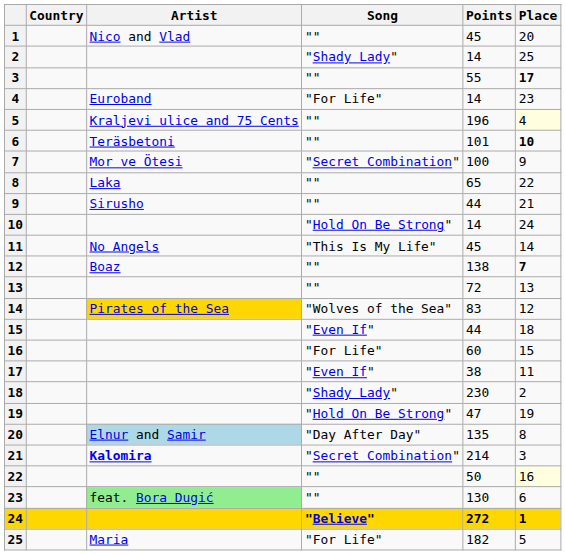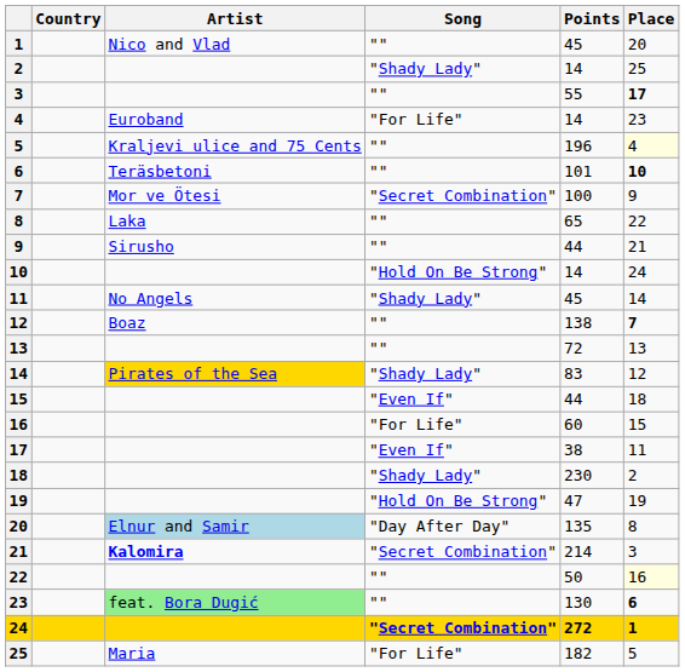 <table class="sortable wikitable plainrowheaders">
 <tr>
 </tr>
 <tr>
 <th scope="col"></th>
 <th scope="col">Country</th>
 <th scope="col">Artist</th>
 <th scope="col">Song</th>
 <th scope="col">Points</th>
 <th scope="col">Place</th>
 </tr>
 <tr>
 <th scope="row" style="text-align:center;">1</th>
 <td></td>
 <td><a href='#'>Nico</a> and <a href='#'>Vlad</a></td>
 <td>""</td>
 <td>45</td>
 <td>20</td>
 </tr>
 <tr>
 <th scope="row" style="text-align:center;">2</th>
 <td></td>
 <td></td>
 <td>"<a href='#'>Shady Lady</a>"</td>
 <td>14</td>
 <td>25</td>
 </tr>
 <tr>
 <th scope="row" style="text-align:center;">3</th>
 <td></td>
 <td></td>
 <td>""</td>
 <td>55</td>
 <td><strong>17</strong></td>
 </tr>
 <tr>
 <th scope="row" style="text-align:center;">4</th>
 <td></td>
 <td><a href='#'>Euroband</a></td>
 <td>"For Life"</td>
 <td>14</td>
 <td>23</td>
 </tr>
 <tr>
 <th scope="row" style="text-align:center;">5</th>
 <td></td>
 <td><a href='#'>Kraljevi ulice and 75 Cents</a></td>
 <td>""</td>
 <td>196</td>
 <td style="background: lightyellow;">4</td>
 </tr>
 <tr>
 <th scope="row" style="text-align:center;">6</th>
 <td></td>
 <td><a href='#'>Teräsbetoni</a></td>
 <td>""</td>
 <td>101</td>
 <td><strong>10</strong></td>
 </tr>
 <tr>
 <th scope="row" style="text-align:center;">7</th>
 <td></td>
 <td><a href='#'>Mor ve Ötesi</a></td>
 <td>"<a href='#'>Secret Combination</a>"</td>
 <td>100</td>
 <td>9</td>
 </tr>
 <tr>
 <th scope="row" style="text-align:center;">8</th>
 <td></td>
 <td><a href='#'>Laka</a></td>
 <td>""</td>
 <td>65</td>
 <td>22</td>
 </tr>
 <tr>
 <th scope="row" style="text-align:center;">9</th>
 <td></td>
 <td><a href='#'>Sirusho</a></td>
 <td>""</td>
 <td>44</td>
 <td>21</td>
 </tr>
 <tr>
 <th scope="row" style="text-align:center;">10</th>
 <td></td>
 <td></td>
 <td>"<a href='#'>Hold On Be Strong</a>"</td>
 <td>14</td>
 <td>24</td>
 </tr>
 <tr>
 <th scope="row" style="text-align:center;">11</th>
 <td></td>
 <td><a href='#'>No Angels</a></td>
-<td>"This Is My Life"</td>
+<td>"<a href='#'>Shady Lady</a>"</td>
 <td>45</td>
 <td>14</td>
 </tr>
 <tr>
 <th scope="row" style="text-align:center;">12</th>
 <td></td>
 <td><a href='#'>Boaz</a></td>
 <td>""</td>
 <td>138</td>
 <td><strong>7</strong></td>
 </tr>
 <tr>
 <th scope="row" style="text-align:center;">13</th>
 <td></td>
 <td></td>
 <td>""</td>
 <td>72</td>
 <td>13</td>
 </tr>
 <tr>
 <th scope="row" style="text-align:center;">14</th>
 <td></td>
 <td style="background: gold;"><a href='#'>Pirates of the Sea</a></td>
-<td>"Wolves of the Sea"</td>
+<td>"<a href='#'>Shady Lady</a>"</td>
 <td>83</td>
 <td>12</td>
 </tr>
 <tr>
 <th scope="row" style="text-align:center;">15</th>
 <td></td>
 <td></td>
 <td>"<a href='#'>Even If</a>"</td>
 <td>44</td>
 <td>18</td>
 </tr>
 <tr>
 <th scope="row" style="text-align:center;">16</th>
 <td></td>
 <td></td>
 <td>"For Life"</td>
 <td>60</td>
 <td>15</td>
 </tr>
 <tr>
 <th scope="row" style="text-align:center;">17</th>
 <td></td>
 <td></td>
 <td>"<a href='#'>Even If</a>"</td>
 <td>38</td>
 <td>11</td>
 </tr>
 <tr>
 <th scope="row" style="text-align:center;">18</th>
 <td></td>
 <td></td>
 <td>"<a href='#'>Shady Lady</a>"</td>
 <td>230</td>
 <td>2</td>
 </tr>
 <tr>
 <th scope="row" style="text-align:center;">19</th>
 <td></td>
 <td></td>
 <td>"<a href='#'>Hold On Be Strong</a>"</td>
 <td>47</td>
 <td>19</td>
 </tr>
 <tr>
 <th scope="row" style="text-align:center;">20</th>
 <td></td>
 <td style="background: lightblue;"><a href='#'>Elnur</a> and <a href='#'>Samir</a></td>
 <td>"Day After Day"</td>
 <td>135</td>
 <td>8</td>
 </tr>
 <tr>
 <th scope="row" style="text-align:center;">21</th>
 <td></td>
 <td><strong><a href='#'>Kalomira</a></strong></td>
 <td>"<a href='#'>Secret Combination</a>"</td>
 <td>214</td>
 <td>3</td>
 </tr>
 <tr>
 <th scope="row" style="text-align:center;">22</th>
 <td></td>
 <td></td>
 <td>""</td>
 <td>50</td>
 <td style="background: lightyellow;">16</td>
 </tr>
 <tr>
 <th scope="row" style="text-align:center;">23</th>
 <td></td>
 <td style="background: lightgreen;"> feat. <a href='#'>Bora Dugić</a></td>
 <td>""</td>
 <td>130</td>
-<td>6</td>
+<td><strong>6</strong></td>
 </tr>
 <tr style="font-weight:bold; background:gold;">
 <th scope="row" style="text-align:center; font-weight:bold; background:gold;">24</th>
 <td></td>
 <td></td>
-<td>"<a href='#'>Believe</a>"</td>
+<td>"<a href='#'>Secret Combination</a>"</td>
 <td>272</td>
 <td>1</td>
 </tr>
 <tr>
 <th scope="row" style="text-align:center;">25</th>
 <td></td>
 <td><a href='#'>Maria</a></td>
 <td>"For Life"</td>
 <td>182</td>
 <td>5</td>
 </tr>
 </table>
